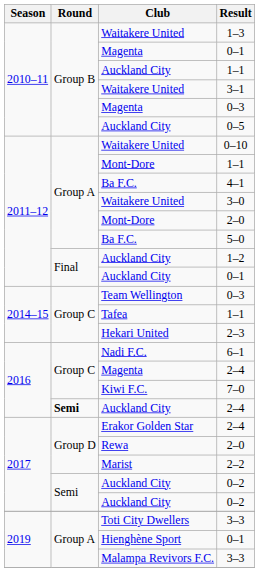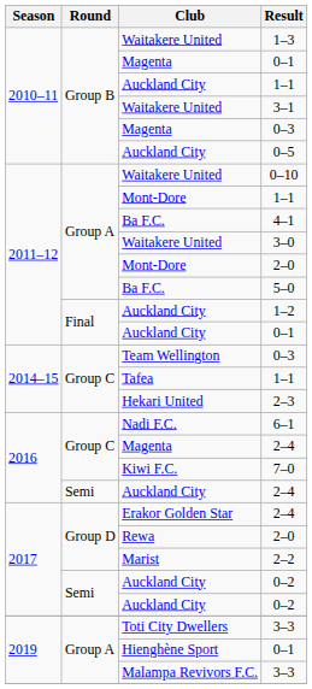 <table class="wikitable">
 <tr>
 <th>Season</th>
 <th>Round</th>
 <th>Club</th>
 <th>Result</th>
 </tr>
 <tr>
 <td rowspan="6"><a href='#'>2010–11</a></td>
 <td rowspan="6">Group B</td>
 <td> <a href='#'>Waitakere United</a></td>
 <td style="text-align:center;">1–3</td>
 </tr>
 <tr>
 <td> <a href='#'>Magenta</a></td>
 <td style="text-align:center;">0–1</td>
 </tr>
 <tr>
 <td> <a href='#'>Auckland City</a></td>
 <td style="text-align:center;">1–1</td>
 </tr>
 <tr>
 <td> <a href='#'>Waitakere United</a></td>
 <td style="text-align:center;">3–1</td>
 </tr>
 <tr>
 <td> <a href='#'>Magenta</a></td>
 <td style="text-align:center;">0–3</td>
 </tr>
 <tr>
 <td> <a href='#'>Auckland City</a></td>
 <td style="text-align:center;">0–5</td>
 </tr>
 <tr>
 <td rowspan="8"><a href='#'>2011–12</a></td>
 <td rowspan="6">Group A</td>
 <td> <a href='#'>Waitakere United</a></td>
 <td style="text-align:center;">0–10</td>
 </tr>
 <tr>
 <td> <a href='#'>Mont-Dore</a></td>
 <td style="text-align:center;">1–1</td>
 </tr>
 <tr>
 <td> <a href='#'>Ba F.C.</a></td>
 <td style="text-align:center;">4–1</td>
 </tr>
 <tr>
 <td> <a href='#'>Waitakere United</a></td>
 <td style="text-align:center;">3–0</td>
 </tr>
 <tr>
 <td> <a href='#'>Mont-Dore</a></td>
 <td style="text-align:center;">2–0</td>
 </tr>
 <tr>
 <td> <a href='#'>Ba F.C.</a></td>
 <td style="text-align:center;">5–0</td>
 </tr>
 <tr>
 <td rowspan="2">Final</td>
 <td> <a href='#'>Auckland City</a></td>
 <td style="text-align:center;">1–2</td>
 </tr>
 <tr>
 <td> <a href='#'>Auckland City</a></td>
 <td style="text-align:center;">0–1</td>
 </tr>
 <tr>
 <td rowspan="3"><a href='#'>2014–15</a></td>
 <td rowspan="3">Group C</td>
 <td> <a href='#'>Team Wellington</a></td>
 <td style="text-align:center;">0–3</td>
 </tr>
 <tr>
 <td> <a href='#'>Tafea</a></td>
 <td style="text-align:center;">1–1</td>
 </tr>
 <tr>
 <td> <a href='#'>Hekari United</a></td>
 <td style="text-align:center;">2–3</td>
 </tr>
 <tr>
 <td rowspan="4"><a href='#'>2016</a></td>
 <td rowspan="3">Group C</td>
 <td> <a href='#'>Nadi F.C.</a></td>
 <td style="text-align:center;">6–1</td>
 </tr>
 <tr>
 <td> <a href='#'>Magenta</a></td>
 <td style="text-align:center;">2–4</td>
 </tr>
 <tr>
 <td> <a href='#'>Kiwi F.C.</a></td>
 <td style="text-align:center;">7–0</td>
 </tr>
 <tr>
-<td><strong>Semi</strong></td>
+<td>Semi</td>
 <td> <a href='#'>Auckland City</a></td>
 <td style="text-align:center;">2–4</td>
 </tr>
 <tr>
 <td rowspan="5"><a href='#'>2017</a></td>
 <td rowspan="3">Group D</td>
 <td> <a href='#'>Erakor Golden Star</a></td>
 <td style="text-align:center;">2–4</td>
 </tr>
 <tr>
 <td> <a href='#'>Rewa</a></td>
 <td style="text-align:center;">2–0</td>
 </tr>
 <tr>
 <td> <a href='#'>Marist</a></td>
 <td style="text-align:center;">2–2</td>
 </tr>
 <tr>
 <td rowspan="2">Semi</td>
 <td> <a href='#'>Auckland City</a></td>
 <td style="text-align:center;">0–2</td>
 </tr>
 <tr>
 <td> <a href='#'>Auckland City</a></td>
 <td style="text-align:center;">0–2</td>
 </tr>
 <tr>
 </tr>
 <tr>
 <td rowspan="3"><a href='#'>2019</a></td>
 <td rowspan="3">Group A</td>
 <td> <a href='#'>Toti City Dwellers</a></td>
 <td style="text-align:center;">3–3</td>
 </tr>
 <tr>
 <td> <a href='#'>Hienghène Sport</a></td>
 <td style="text-align:center;">0–1</td>
 </tr>
 <tr>
 <td> <a href='#'>Malampa Revivors F.C.</a></td>
 <td style="text-align:center;">3–3</td>
 </tr>
 <tr>
 </tr>
 </table>
